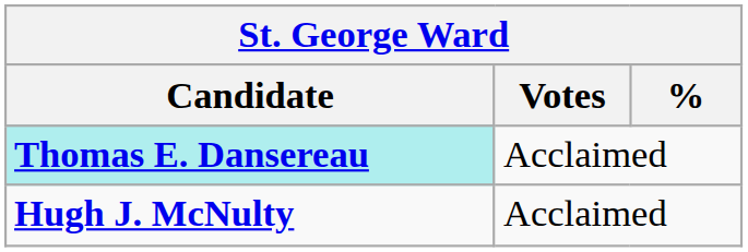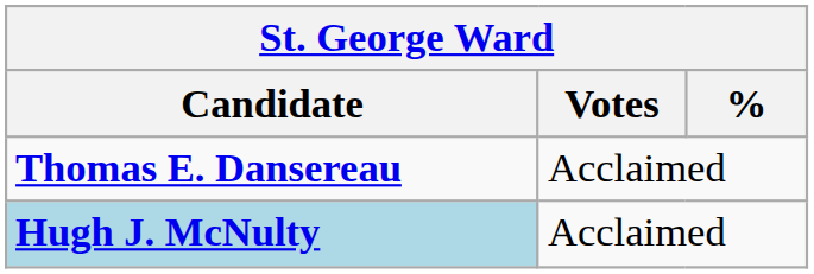 <table class="wikitable">
 <tr>
 <th colspan="3"><a href='#'>St. George Ward</a></th>
 </tr>
 <tr>
 <th style="width: 200px">Candidate</th>
 <th style="width: 50px">Votes</th>
 <th style="width: 40px">%</th>
 </tr>
 <tr>
-<td style="background: paleturquoise;"><strong><a href='#'>Thomas E. Dansereau</a></strong></td>
+<td><strong><a href='#'>Thomas E. Dansereau</a></strong></td>
 <td colspan="2">Acclaimed</td>
 </tr>
 <tr>
-<td><strong><a href='#'>Hugh J. McNulty</a></strong></td>
+<td style="background: lightblue;"><strong><a href='#'>Hugh J. McNulty</a></strong></td>
 <td colspan="2">Acclaimed</td>
 </tr>
 </table>
